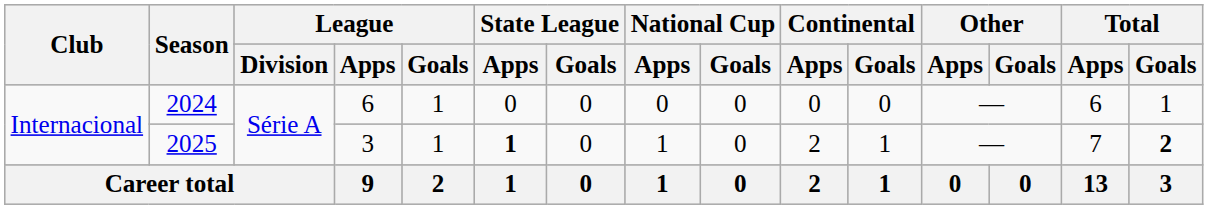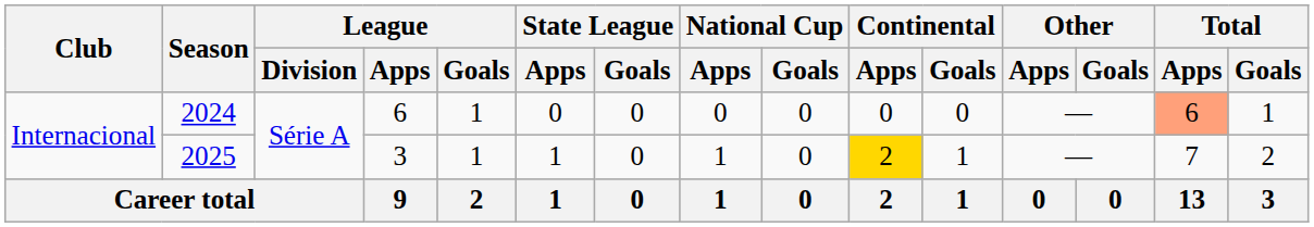 <table class="wikitable" style="text-align:center">
 <tr>
 <th rowspan="2">Club</th>
 <th rowspan="2">Season</th>
 <th colspan="3">League</th>
 <th colspan="2">State League</th>
 <th colspan="2">National Cup</th>
 <th colspan="2">Continental</th>
 <th colspan="2">Other</th>
 <th colspan="2">Total</th>
 </tr>
 <tr>
 <th>Division</th>
 <th>Apps</th>
 <th>Goals</th>
 <th>Apps</th>
 <th>Goals</th>
 <th>Apps</th>
 <th>Goals</th>
 <th>Apps</th>
 <th>Goals</th>
 <th>Apps</th>
 <th>Goals</th>
 <th>Apps</th>
 <th>Goals</th>
 </tr>
 <tr>
 <td rowspan="2"><a href='#'>Internacional</a></td>
 <td><a href='#'>2024</a></td>
 <td rowspan="2"><a href='#'>Série A</a></td>
 <td>6</td>
 <td>1</td>
 <td>0</td>
 <td>0</td>
 <td>0</td>
 <td>0</td>
 <td>0</td>
 <td>0</td>
 <td colspan="2">—</td>
-<td>6</td>
+<td style="background: lightsalmon;">6</td>
 <td>1</td>
 </tr>
 <tr>
 <td><a href='#'>2025</a></td>
 <td>3</td>
 <td>1</td>
-<td><strong>1</strong></td>
+<td>1</td>
 <td>0</td>
 <td>1</td>
 <td>0</td>
-<td>2</td>
+<td style="background: gold;">2</td>
 <td>1</td>
 <td colspan="2">—</td>
 <td>7</td>
-<td><strong>2</strong></td>
+<td>2</td>
 </tr>
 <tr>
 <th colspan="3">Career total</th>
 <th>9</th>
 <th>2</th>
 <th>1</th>
 <th>0</th>
 <th>1</th>
 <th>0</th>
 <th>2</th>
 <th>1</th>
 <th>0</th>
 <th>0</th>
 <th>13</th>
 <th>3</th>
 </tr>
 </table>
